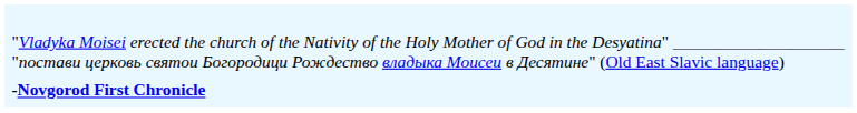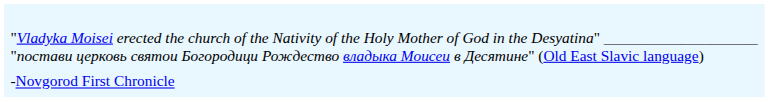 <table class="toccolours" style="font-size: 90%; background:#E9F7FF; color:black;" cellspacing="5">
 <tr>
 <td style="text-align: left;"><br>"<em><a href='#'>Vladyka Moisei</a> erected the church of the Nativity of the Holy Mother of God in the Desyatina</em>"  ____________________<br>"<em>постави церковь святои Богородици Рождество <a href='#'>владыка Моисеи</a> в Десятине</em>" (<a href='#'>Old East Slavic language</a>) </td>
 </tr>
 <tr>
-<td style="text-align: left;"><strong>-<a href='#'>Novgorod First Chronicle</a></strong></td>
+<td style="text-align: left;">-<a href='#'>Novgorod First Chronicle</a></td>
 </tr>
 </table>
